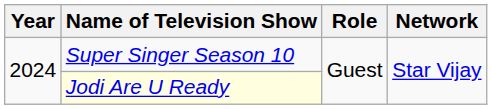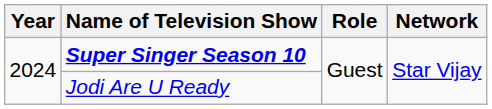 <table class="wikitable">
 <tr>
 <th>Year</th>
 <th>Name of Television Show</th>
 <th>Role</th>
 <th>Network</th>
 </tr>
 <tr>
 <td rowspan="2">2024</td>
-<td><em><a href='#'>Super Singer Season 10</a></em></td>
+<td><strong><em><a href='#'>Super Singer Season 10</a></em></strong></td>
 <td rowspan="2">Guest</td>
 <td rowspan="2"><a href='#'>Star Vijay</a></td>
 </tr>
 <tr>
-<td style="background: lightyellow;"><em><a href='#'>Jodi Are U Ready</a></em></td>
+<td><em><a href='#'>Jodi Are U Ready</a></em></td>
 </tr>
 </table>
